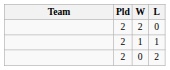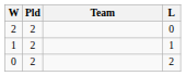 <table class=wikitable style="text-align:center">
 <tr>
+<th width=20>W</th>
+<th width=20>Pld</th>
 <th width=175>Team</th>
-<th width=20>Pld</th>
-<th width=20>W</th>
 <th width=20>L</th>
 </tr>
 <tr>
-<td style="text-align:left"></td>
 <td>2</td>
 <td>2</td>
+<td style="text-align:left"></td>
 <td>0</td>
 </tr>
 <tr>
+<td>1</td>
+<td>2</td>
 <td style="text-align:left"></td>
-<td>2</td>
-<td>1</td>
 <td>1</td>
 </tr>
 <tr>
+<td>0</td>
+<td>2</td>
 <td style="text-align:left"></td>
-<td>2</td>
-<td>0</td>
 <td>2</td>
 </tr>
 </table>
